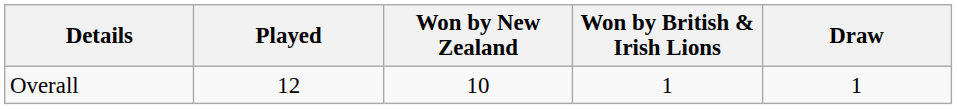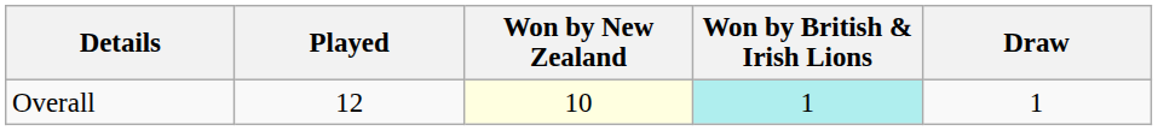 <table class="wikitable">
 <tr>
 <th style="width:125px">Details</th>
 <th style="width:125px">Played</th>
 <th style="width:125px">Won by New Zealand</th>
 <th style="width:125px">Won by British & Irish Lions</th>
 <th style="width:125px">Draw</th>
 </tr>
 <tr>
 <td>Overall</td>
 <td style="text-align:center">12</td>
-<td style="text-align:center">10</td>
-<td style="text-align:center">1</td>
+<td style="background: lightyellow; text-align:center">10</td>
+<td style="background: paleturquoise; text-align:center">1</td>
 <td style="text-align:center">1</td>
 </tr>
 </table>
